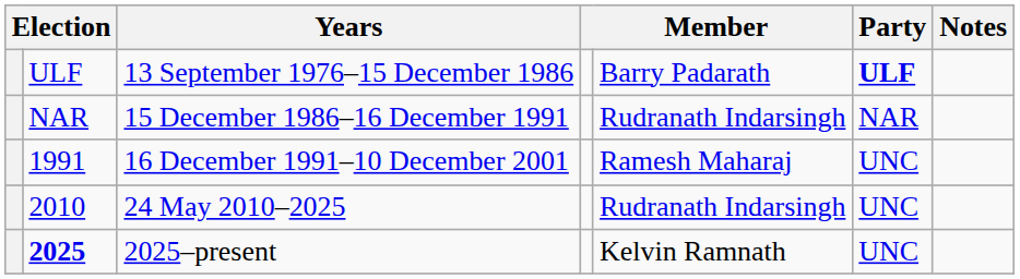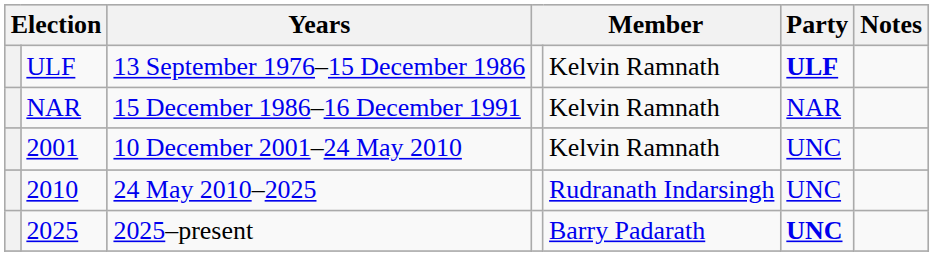 <table class="wikitable sortable" style="valign:top">
 <tr>
 <th colspan="2">Election</th>
 <th>Years</th>
 <th colspan="2">Member</th>
 <th>Party</th>
 <th>Notes</th>
 </tr>
 <tr>
 <th style="background-color: "></th>
 <td><a href='#'>ULF</a></td>
 <td><a href='#'>13 September 1976</a>–<a href='#'>15 December 1986</a></td>
 <td></td>
-<td><a href='#'>Barry Padarath</a></td>
+<td>Kelvin Ramnath</td>
 <td><strong><a href='#'>ULF</a></strong></td>
 <td></td>
 </tr>
 <tr>
 <th style="background-color: "></th>
 <td><a href='#'>NAR</a></td>
 <td><a href='#'>15 December 1986</a>–<a href='#'>16 December 1991</a></td>
 <td></td>
-<td><a href='#'>Rudranath Indarsingh</a></td>
+<td>Kelvin Ramnath</td>
 <td><a href='#'>NAR</a></td>
 <td></td>
 </tr>
 <tr>
 <th style="background-color: "></th>
-<td><a href='#'>1991</a></td>
-<td><a href='#'>16 December 1991</a>–<a href='#'>10 December 2001</a></td>
+<td><a href='#'>2001</a></td>
+<td><a href='#'>10 December 2001</a>–<a href='#'>24 May 2010</a></td>
 <td></td>
-<td><a href='#'>Ramesh Maharaj</a></td>
+<td>Kelvin Ramnath</td>
 <td><a href='#'>UNC</a></td>
 <td></td>
 </tr>
 <tr>
 <th style="background-color: "></th>
 <td><a href='#'>2010</a></td>
 <td><a href='#'>24 May 2010</a>–<a href='#'>2025</a></td>
 <td></td>
 <td><a href='#'>Rudranath Indarsingh</a></td>
 <td><a href='#'>UNC</a></td>
 <td></td>
 </tr>
 <tr>
 <th style="background-color: "></th>
-<td><strong><a href='#'>2025</a></strong></td>
+<td><a href='#'>2025</a></td>
 <td><a href='#'>2025</a>–present</td>
 <td></td>
-<td>Kelvin Ramnath</td>
-<td><a href='#'>UNC</a></td>
+<td><a href='#'>Barry Padarath</a></td>
+<td><strong><a href='#'>UNC</a></strong></td>
 <td></td>
 </tr>
 </table>
